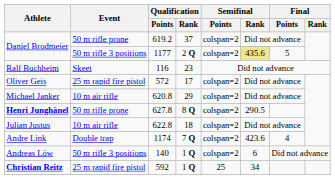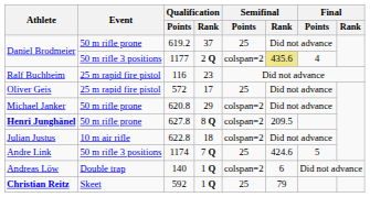 <table class="wikitable" style="font-size:90%">
 <tr>
 <th rowspan="2">Athlete</th>
 <th rowspan="2">Event</th>
 <th colspan=2>Qualification</th>
 <th colspan=2>Semifinal</th>
 <th colspan=2>Final</th>
 </tr>
 <tr style="font-size:95%">
 <th>Points</th>
 <th>Rank</th>
 <th>Points</th>
 <th>Rank</th>
 <th>Points</th>
 <th>Rank</th>
 </tr>
 <tr align=center>
 <td align=left rowspan=2><a href='#'>Daniel Brodmeier</a></td>
 <td align=left><a href='#'>50 m rifle prone</a></td>
 <td>619.2</td>
 <td>37</td>
-<td>colspan=2 </td>
+<td>25</td>
 <td colspan=2>Did not advance</td>
 </tr>
 <tr align=center>
 <td align=left><a href='#'>50 m rifle 3 positions</a></td>
 <td>1177</td>
 <td>2 <strong>Q</strong></td>
 <td>colspan=2 </td>
 <td style="background: khaki;">435.6</td>
-<td>5</td>
+<td>4</td>
 </tr>
 <tr align=center>
 <td align=left><a href='#'>Ralf Buchheim</a></td>
-<td align=left><a href='#'>Skeet</a></td>
+<td align=left><a href='#'>25 m rapid fire pistol</a></td>
 <td>116</td>
 <td>23</td>
 <td colspan=4>Did not advance</td>
 </tr>
 <tr align=center>
 <td align=left><a href='#'>Oliver Geis</a></td>
 <td align=left><a href='#'>25 m rapid fire pistol</a></td>
 <td>572</td>
 <td>17</td>
-<td>colspan=2 </td>
+<td>25</td>
 <td colspan=2>Did not advance</td>
 </tr>
 <tr align=center>
 <td align=left><a href='#'>Michael Janker</a></td>
-<td align=left><a href='#'>10 m air rifle</a></td>
+<td align=left><a href='#'>50 m rifle prone</a></td>
 <td>620.8</td>
 <td>29</td>
 <td>colspan=2 </td>
 <td colspan=2>Did not advance</td>
 </tr>
 <tr align=center>
 <td align=left><strong><a href='#'>Henri Junghänel</a></strong></td>
 <td align=left><a href='#'>50 m rifle prone</a></td>
 <td>627.8</td>
 <td>8 <strong>Q</strong></td>
 <td>colspan=2 </td>
-<td>290.5 </td>
+<td>209.5 </td>
 <td></td>
 </tr>
 <tr align=center>
 <td align=left><a href='#'>Julian Justus</a></td>
 <td align=left><a href='#'>10 m air rifle</a></td>
 <td>622.8</td>
 <td>18</td>
 <td>colspan=2 </td>
 <td colspan=2>Did not advance</td>
 </tr>
 <tr align=center>
 <td align=left><a href='#'>Andre Link</a></td>
-<td align=left><a href='#'>Double trap</a></td>
+<td align=left><a href='#'>50 m rifle 3 positions</a></td>
 <td>1174</td>
 <td>7 <strong>Q</strong></td>
-<td>colspan=2 </td>
-<td>423.6</td>
-<td>4</td>
+<td>25</td>
+<td>424.6</td>
+<td>5</td>
 </tr>
 <tr align=center>
 <td align=left><a href='#'>Andreas Löw</a></td>
-<td align=left><a href='#'>50 m rifle 3 positions</a></td>
+<td align=left><a href='#'>Double trap</a></td>
 <td>140 </td>
 <td>1 <strong>Q</strong></td>
 <td>colspan=2 </td>
 <td>6</td>
 <td colspan=2>Did not advance</td>
 </tr>
 <tr align=center>
 <td align=left><strong><a href='#'>Christian Reitz</a></strong></td>
-<td align=left><a href='#'>25 m rapid fire pistol</a></td>
+<td align=left><a href='#'>Skeet</a></td>
 <td>592</td>
 <td>1 <strong>Q</strong></td>
 <td>25</td>
-<td>34</td>
+<td>79</td>
 <td></td>
 </tr>
 </table>
